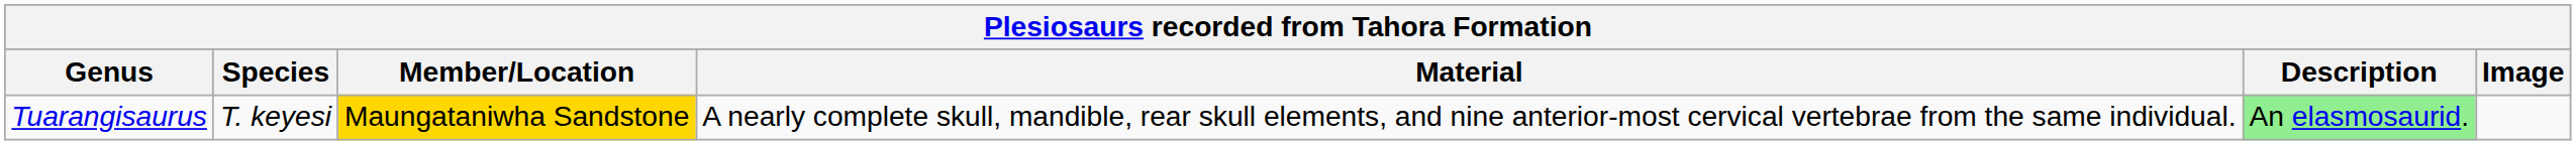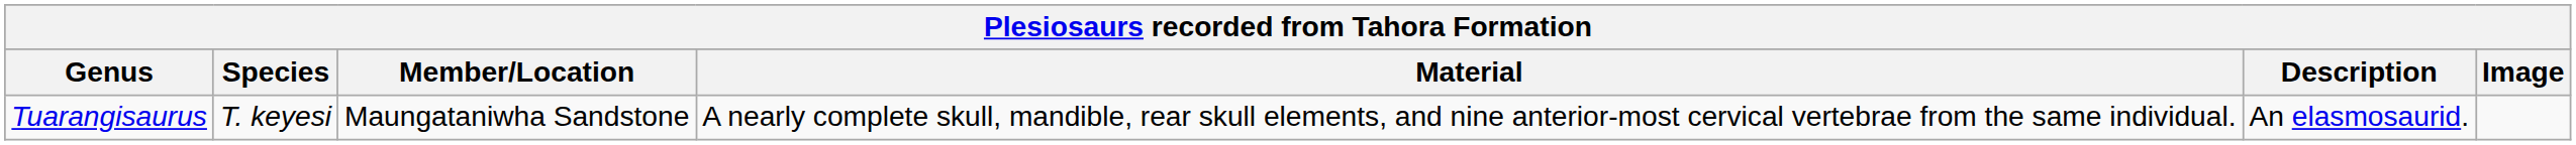 <table class="wikitable" align="center">
 <tr>
 <th colspan="6" align="center"><strong><a href='#'>Plesiosaurs</a></strong> recorded from Tahora Formation</th>
 </tr>
 <tr>
 <th>Genus</th>
 <th>Species</th>
 <th>Member/Location</th>
 <th>Material</th>
 <th>Description</th>
 <th>Image</th>
 </tr>
 <tr>
 <td><em><a href='#'>Tuarangisaurus</a></em></td>
 <td><em>T. keyesi</em></td>
-<td style="background: gold;">Maungataniwha Sandstone</td>
+<td>Maungataniwha Sandstone</td>
 <td>A nearly complete skull, mandible, rear skull elements, and nine anterior-most cervical vertebrae from the same individual.</td>
-<td style="background: lightgreen;">An <a href='#'>elasmosaurid</a>.</td>
+<td>An <a href='#'>elasmosaurid</a>.</td>
 <td></td>
 </tr>
 </table>
